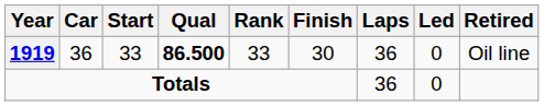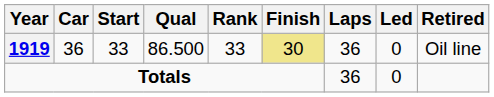 <table class="wikitable" style="text-align:center">
 <tr>
 <th>Year</th>
 <th>Car</th>
 <th>Start</th>
 <th>Qual</th>
 <th>Rank</th>
 <th>Finish</th>
 <th>Laps</th>
 <th>Led</th>
 <th>Retired</th>
 </tr>
 <tr>
 <th><a href='#'>1919</a></th>
 <td>36</td>
 <td>33</td>
-<td><strong>86.500</strong></td>
+<td>86.500</td>
 <td>33</td>
-<td>30</td>
+<td style="background: khaki;">30</td>
 <td>36</td>
 <td>0</td>
 <td>Oil line</td>
 </tr>
 <tr>
 <td colspan=6><strong>Totals</strong></td>
 <td>36</td>
 <td>0</td>
 <td></td>
 </tr>
 </table>
